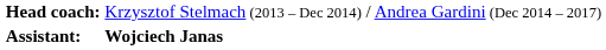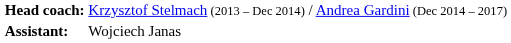 <table>
 <tr>
 <td><strong>Head coach:</strong></td>
 <td> <a href='#'>Krzysztof Stelmach</a><small> (2013 – Dec 2014)</small> /  <a href='#'>Andrea Gardini</a><small> (Dec 2014 – 2017)</small></td>
 </tr>
 <tr>
 <td><strong>Assistant:</strong></td>
-<td><strong> Wojciech Janas</strong></td>
+<td> Wojciech Janas</td>
 </tr>
 </table>
